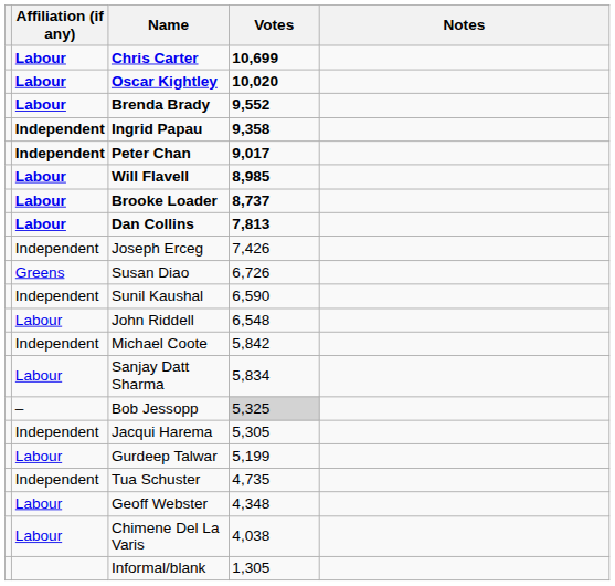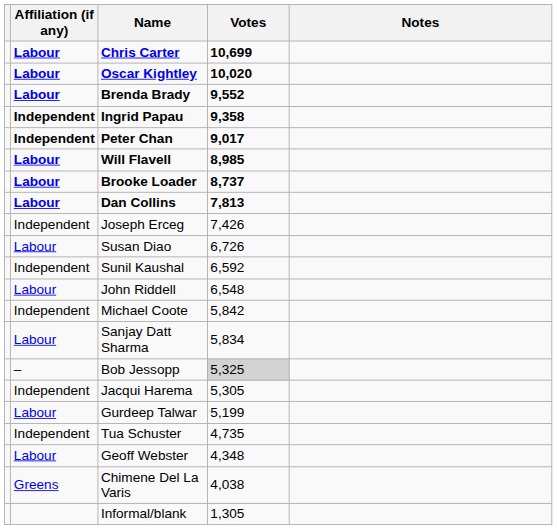 <table class="wikitable" style="width:51%;">
 <tr>
 <th style="width:1%;"></th>
 <th style="width:15%;">Affiliation (if any)</th>
 <th style="width:20%;">Name</th>
 <th style="width:15%;">Votes</th>
 <th>Notes</th>
 </tr>
 <tr>
 <td bgcolor=></td>
 <td><strong><a href='#'>Labour</a></strong></td>
 <td><strong><a href='#'>Chris Carter</a></strong></td>
 <td><strong>10,699</strong></td>
 <td></td>
 </tr>
 <tr>
 <td bgcolor=></td>
 <td><strong><a href='#'>Labour</a></strong></td>
 <td><strong><a href='#'>Oscar Kightley</a></strong></td>
 <td><strong>10,020</strong></td>
 <td></td>
 </tr>
 <tr>
 <td bgcolor=></td>
 <td><strong><a href='#'>Labour</a></strong></td>
 <td><strong>Brenda Brady</strong></td>
 <td><strong>9,552</strong></td>
 <td></td>
 </tr>
 <tr>
 <td bgcolor=></td>
 <td><strong>Independent </strong></td>
 <td><strong>Ingrid Papau</strong></td>
 <td><strong>9,358</strong></td>
 <td></td>
 </tr>
 <tr>
 <td bgcolor=></td>
 <td><strong>Independent</strong></td>
 <td><strong>Peter Chan</strong></td>
 <td><strong>9,017</strong></td>
 <td></td>
 </tr>
 <tr>
 <td bgcolor=></td>
 <td><strong><a href='#'>Labour</a></strong></td>
 <td><strong>Will Flavell</strong></td>
 <td><strong>8,985</strong></td>
 <td></td>
 </tr>
 <tr>
 <td bgcolor=></td>
 <td><strong><a href='#'>Labour</a> </strong></td>
 <td><strong>Brooke Loader</strong></td>
 <td><strong>8,737</strong></td>
 <td></td>
 </tr>
 <tr>
 <td bgcolor=></td>
 <td><strong><a href='#'>Labour</a></strong></td>
 <td><strong>Dan Collins</strong></td>
 <td><strong>7,813</strong></td>
 <td></td>
 </tr>
 <tr>
 <td bgcolor=></td>
 <td>Independent</td>
 <td>Joseph Erceg</td>
 <td>7,426</td>
 <td></td>
 </tr>
 <tr>
 <td bgcolor=></td>
-<td><a href='#'>Greens</a></td>
+<td><a href='#'>Labour</a></td>
 <td>Susan Diao</td>
 <td>6,726</td>
 <td></td>
 </tr>
 <tr>
 <td></td>
 <td>Independent</td>
 <td>Sunil Kaushal</td>
-<td>6,590</td>
+<td>6,592</td>
 <td></td>
 </tr>
 <tr>
 <td></td>
 <td><a href='#'>Labour</a></td>
 <td>John Riddell</td>
 <td>6,548</td>
 <td></td>
 </tr>
 <tr>
 <td bgcolor=></td>
 <td>Independent</td>
 <td>Michael Coote</td>
 <td>5,842</td>
 <td></td>
 </tr>
 <tr>
 <td bgcolor=></td>
 <td><a href='#'>Labour</a></td>
 <td>Sanjay Datt Sharma</td>
 <td>5,834</td>
 <td></td>
 </tr>
 <tr>
 <td bgcolor=></td>
 <td>–</td>
 <td>Bob Jessopp</td>
 <td style="background: lightgrey;">5,325</td>
 <td></td>
 </tr>
 <tr>
 <td bgcolor=></td>
 <td>Independent</td>
 <td>Jacqui Harema</td>
 <td>5,305</td>
 <td></td>
 </tr>
 <tr>
 <td bgcolor=></td>
 <td><a href='#'>Labour</a></td>
 <td>Gurdeep Talwar</td>
 <td>5,199</td>
 <td></td>
 </tr>
 <tr>
 <td bgcolor=></td>
 <td>Independent</td>
 <td>Tua Schuster</td>
 <td>4,735</td>
 <td></td>
 </tr>
 <tr>
 <td bgcolor=></td>
 <td><a href='#'>Labour</a></td>
 <td>Geoff Webster</td>
 <td>4,348</td>
 <td></td>
 </tr>
 <tr>
 <td bgcolor=></td>
-<td><a href='#'>Labour</a></td>
+<td><a href='#'>Greens</a></td>
 <td>Chimene Del La Varis</td>
 <td>4,038</td>
 <td></td>
 </tr>
 <tr>
 <td></td>
 <td></td>
 <td>Informal/blank</td>
 <td>1,305</td>
 <td></td>
 </tr>
 </table>
